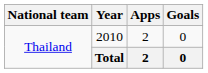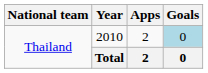 <table class="wikitable" style="text-align:center">
 <tr>
 <th>National team</th>
 <th>Year</th>
 <th>Apps</th>
 <th>Goals</th>
 </tr>
 <tr>
 <td rowspan="9" valign="center"><a href='#'>Thailand</a></td>
 <td>2010</td>
 <td>2</td>
-<td>0</td>
+<td style="background: lightblue;">0</td>
 </tr>
 <tr>
 <th>Total</th>
 <th>2</th>
 <th>0</th>
 </tr>
 </table>
